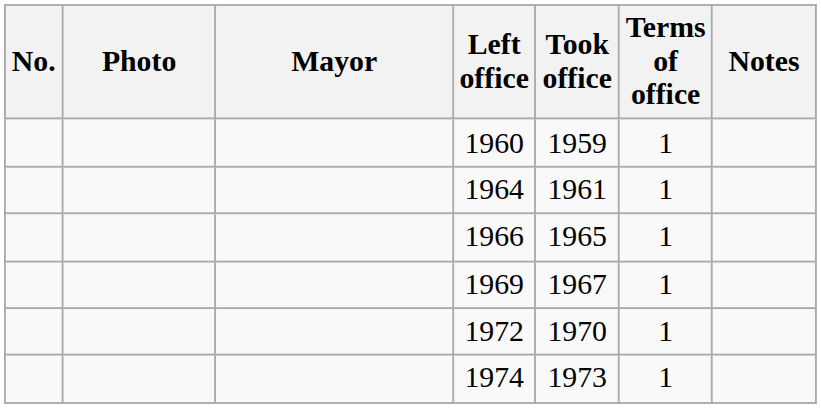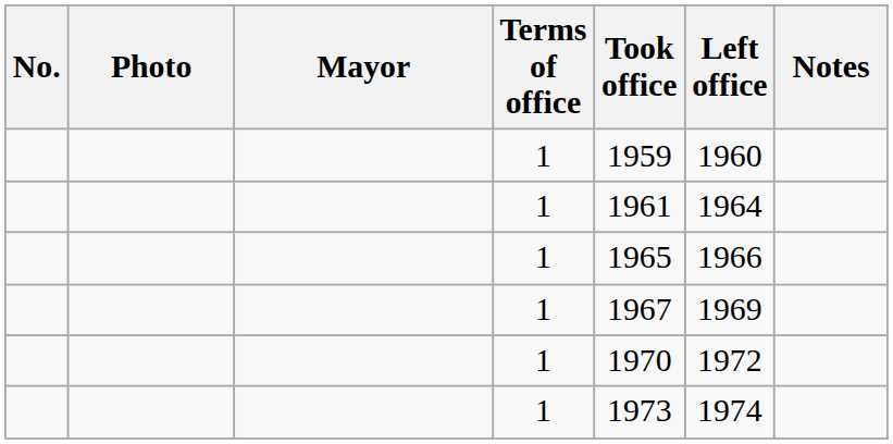 <table class="sortable wikitable" style="text-align:left; font-size:100%; width:70%;">
 <tr>
 <th width="4em">No.</th>
 <th width="75px">Photo</th>
 <th width="120px">Mayor<br></th>
+<th width="7em">Terms of office</th>
+<th width="6em">Took office</th>
 <th width="6em">Left office</th>
-<th width="6em">Took office</th>
-<th width="7em">Terms of office</th>
 <th>Notes</th>
 </tr>
 <tr align="center">
 <td></td>
 <td></td>
 <td></td>
+<td align="center">1</td>
+<td>1959</td>
 <td>1960</td>
-<td>1959</td>
-<td align="center">1</td>
 <td align="left"></td>
 </tr>
 <tr align="center">
 <td></td>
 <td></td>
 <td></td>
+<td align="center">1</td>
+<td>1961</td>
 <td>1964</td>
-<td>1961</td>
-<td align="center">1</td>
 <td align="left"></td>
 </tr>
 <tr align="center">
 <td></td>
 <td></td>
 <td></td>
+<td align="center">1</td>
+<td>1965</td>
 <td>1966</td>
-<td>1965</td>
-<td align="center">1</td>
 <td align="left"></td>
 </tr>
 <tr align="center">
 <td></td>
 <td></td>
 <td></td>
+<td align="center">1</td>
+<td>1967</td>
 <td>1969</td>
-<td>1967</td>
-<td align="center">1</td>
 <td align="left"></td>
 </tr>
 <tr align="center">
 <td></td>
 <td></td>
 <td></td>
+<td align="center">1</td>
+<td>1970</td>
 <td>1972</td>
-<td>1970</td>
-<td align="center">1</td>
 <td align="left"></td>
 </tr>
 <tr align="center">
 <td></td>
 <td></td>
 <td></td>
+<td align="center">1</td>
+<td>1973</td>
 <td>1974</td>
-<td>1973</td>
-<td align="center">1</td>
 <td align="left"></td>
 </tr>
 </table>
